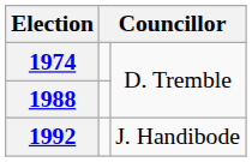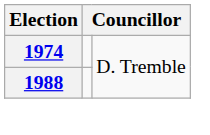 <table class="wikitable" style="text-align:center">
 <tr>
 <th>Election</th>
 <th colspan=2>Councillor</th>
 </tr>
 <tr>
 <th><a href='#'>1974</a></th>
 <td style="background-color: "></td>
 <td rowspan=2>D. Tremble</td>
 </tr>
 <tr>
 <th><a href='#'>1988</a></th>
 <td style="background-color: "></td>
 </tr>
-<tr>
-<th><a href='#'>1992</a></th>
-<td style="background-color: "></td>
-<td>J. Handibode</td>
-</tr>
 </table>
